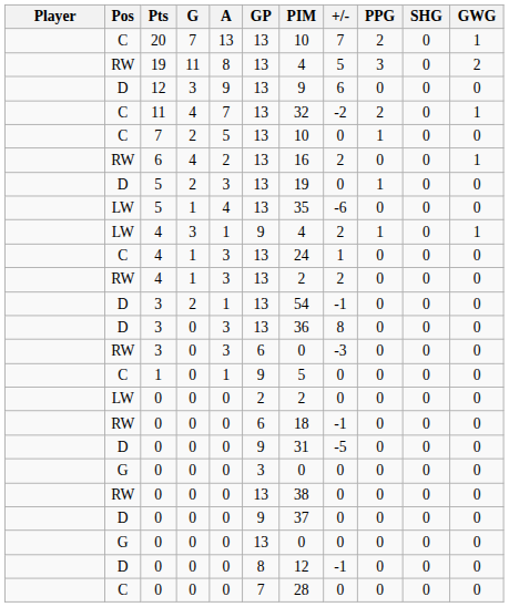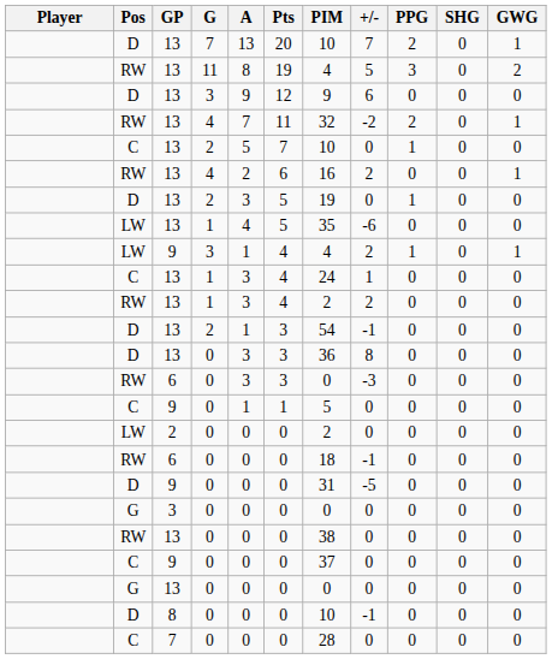 <table class="wikitable sortable" width="60%">
 <tr ALIGN="center">
 <th bgcolor="#DDDDFF" width="15%">Player</th>
 <th bgcolor="#DDDDFF" width="3%" title="Position">Pos</th>
-<th bgcolor="#DDDDFF" width="5%" title="Points">Pts</th>
+<th bgcolor="#DDDDFF" width="5%" title="Games played">GP</th>
 <th bgcolor="#DDDDFF" width="5%" title="Goals">G</th>
 <th bgcolor="#DDDDFF" width="5%" title="Assists">A</th>
-<th bgcolor="#DDDDFF" width="5%" title="Games played">GP</th>
+<th bgcolor="#DDDDFF" width="5%" title="Points">Pts</th>
 <th bgcolor="#DDDDFF" width="5%" title="Penalties in Minutes">PIM</th>
 <th bgcolor="#DDDDFF" width="5%" title="Plus/minus">+/-</th>
 <th bgcolor="#DDDDFF" width="5%" title="Power play goals">PPG</th>
 <th bgcolor="#DDDDFF" width="5%" title="Short-handed goals">SHG</th>
 <th bgcolor="#DDDDFF" width="5%" title="Game-winning goals">GWG</th>
 </tr>
 <tr align="center">
 <td align="right"></td>
-<td>C</td>
-<td>20</td>
+<td>D</td>
+<td>13</td>
 <td>7</td>
 <td>13</td>
-<td>13</td>
+<td>20</td>
 <td>10</td>
 <td>7</td>
 <td>2</td>
 <td>0</td>
 <td>1</td>
 </tr>
 <tr align="center">
 <td align="right"></td>
 <td>RW</td>
-<td>19</td>
+<td>13</td>
 <td>11</td>
 <td>8</td>
-<td>13</td>
+<td>19</td>
 <td>4</td>
 <td>5</td>
 <td>3</td>
 <td>0</td>
 <td>2</td>
 </tr>
 <tr align="center">
 <td align="right"></td>
 <td>D</td>
-<td>12</td>
+<td>13</td>
 <td>3</td>
 <td>9</td>
-<td>13</td>
+<td>12</td>
 <td>9</td>
 <td>6</td>
 <td>0</td>
 <td>0</td>
 <td>0</td>
 </tr>
 <tr align="center">
 <td align="right"></td>
-<td>C</td>
-<td>11</td>
+<td>RW</td>
+<td>13</td>
 <td>4</td>
 <td>7</td>
-<td>13</td>
+<td>11</td>
 <td>32</td>
 <td>-2</td>
 <td>2</td>
 <td>0</td>
 <td>1</td>
 </tr>
 <tr align="center">
 <td align="right"></td>
 <td>C</td>
-<td>7</td>
+<td>13</td>
 <td>2</td>
 <td>5</td>
-<td>13</td>
+<td>7</td>
 <td>10</td>
 <td>0</td>
 <td>1</td>
 <td>0</td>
 <td>0</td>
 </tr>
 <tr align="center">
 <td align="right"></td>
 <td>RW</td>
-<td>6</td>
+<td>13</td>
 <td>4</td>
 <td>2</td>
-<td>13</td>
+<td>6</td>
 <td>16</td>
 <td>2</td>
 <td>0</td>
 <td>0</td>
 <td>1</td>
 </tr>
 <tr align="center">
 <td align="right"></td>
 <td>D</td>
-<td>5</td>
+<td>13</td>
 <td>2</td>
 <td>3</td>
-<td>13</td>
+<td>5</td>
 <td>19</td>
 <td>0</td>
 <td>1</td>
 <td>0</td>
 <td>0</td>
 </tr>
 <tr align="center">
 <td align="right"></td>
 <td>LW</td>
-<td>5</td>
+<td>13</td>
 <td>1</td>
 <td>4</td>
-<td>13</td>
+<td>5</td>
 <td>35</td>
 <td>-6</td>
 <td>0</td>
 <td>0</td>
 <td>0</td>
 </tr>
 <tr align="center">
 <td align="right"></td>
 <td>LW</td>
-<td>4</td>
+<td>9</td>
 <td>3</td>
 <td>1</td>
-<td>9</td>
+<td>4</td>
 <td>4</td>
 <td>2</td>
 <td>1</td>
 <td>0</td>
 <td>1</td>
 </tr>
 <tr align="center">
 <td align="right"></td>
 <td>C</td>
-<td>4</td>
+<td>13</td>
 <td>1</td>
 <td>3</td>
-<td>13</td>
+<td>4</td>
 <td>24</td>
 <td>1</td>
 <td>0</td>
 <td>0</td>
 <td>0</td>
 </tr>
 <tr align="center">
 <td align="right"></td>
 <td>RW</td>
-<td>4</td>
+<td>13</td>
 <td>1</td>
 <td>3</td>
-<td>13</td>
+<td>4</td>
 <td>2</td>
 <td>2</td>
 <td>0</td>
 <td>0</td>
 <td>0</td>
 </tr>
 <tr align="center">
 <td align="right"></td>
 <td>D</td>
-<td>3</td>
+<td>13</td>
 <td>2</td>
 <td>1</td>
-<td>13</td>
+<td>3</td>
 <td>54</td>
 <td>-1</td>
 <td>0</td>
 <td>0</td>
 <td>0</td>
 </tr>
 <tr align="center">
 <td align="right"></td>
 <td>D</td>
-<td>3</td>
+<td>13</td>
 <td>0</td>
 <td>3</td>
-<td>13</td>
+<td>3</td>
 <td>36</td>
 <td>8</td>
 <td>0</td>
 <td>0</td>
 <td>0</td>
 </tr>
 <tr align="center">
 <td align="right"></td>
 <td>RW</td>
-<td>3</td>
+<td>6</td>
 <td>0</td>
 <td>3</td>
-<td>6</td>
+<td>3</td>
 <td>0</td>
 <td>-3</td>
 <td>0</td>
 <td>0</td>
 <td>0</td>
 </tr>
 <tr align="center">
 <td align="right"></td>
 <td>C</td>
-<td>1</td>
+<td>9</td>
 <td>0</td>
 <td>1</td>
-<td>9</td>
+<td>1</td>
 <td>5</td>
 <td>0</td>
 <td>0</td>
 <td>0</td>
 <td>0</td>
 </tr>
 <tr align="center">
 <td align="right"></td>
 <td>LW</td>
+<td>2</td>
 <td>0</td>
 <td>0</td>
 <td>0</td>
-<td>2</td>
 <td>2</td>
 <td>0</td>
 <td>0</td>
 <td>0</td>
 <td>0</td>
 </tr>
 <tr align="center">
 <td align="right"></td>
 <td>RW</td>
+<td>6</td>
 <td>0</td>
 <td>0</td>
 <td>0</td>
-<td>6</td>
 <td>18</td>
 <td>-1</td>
 <td>0</td>
 <td>0</td>
 <td>0</td>
 </tr>
 <tr align="center">
 <td align="right"></td>
 <td>D</td>
+<td>9</td>
 <td>0</td>
 <td>0</td>
 <td>0</td>
-<td>9</td>
 <td>31</td>
 <td>-5</td>
 <td>0</td>
 <td>0</td>
 <td>0</td>
 </tr>
 <tr align="center">
 <td align="right"></td>
 <td>G</td>
+<td>3</td>
 <td>0</td>
 <td>0</td>
 <td>0</td>
-<td>3</td>
 <td>0</td>
 <td>0</td>
 <td>0</td>
 <td>0</td>
 <td>0</td>
 </tr>
 <tr align="center">
 <td align="right"></td>
 <td>RW</td>
+<td>13</td>
 <td>0</td>
 <td>0</td>
 <td>0</td>
-<td>13</td>
 <td>38</td>
 <td>0</td>
 <td>0</td>
 <td>0</td>
 <td>0</td>
 </tr>
 <tr align="center">
 <td align="right"></td>
-<td>D</td>
+<td>C</td>
+<td>9</td>
 <td>0</td>
 <td>0</td>
 <td>0</td>
-<td>9</td>
 <td>37</td>
 <td>0</td>
 <td>0</td>
 <td>0</td>
 <td>0</td>
 </tr>
 <tr align="center">
 <td align="right"></td>
 <td>G</td>
+<td>13</td>
 <td>0</td>
 <td>0</td>
 <td>0</td>
-<td>13</td>
 <td>0</td>
 <td>0</td>
 <td>0</td>
 <td>0</td>
 <td>0</td>
 </tr>
 <tr align="center">
 <td align="right"></td>
 <td>D</td>
+<td>8</td>
 <td>0</td>
 <td>0</td>
 <td>0</td>
-<td>8</td>
-<td>12</td>
+<td>10</td>
 <td>-1</td>
 <td>0</td>
 <td>0</td>
 <td>0</td>
 </tr>
 <tr align="center">
 <td align="right"></td>
 <td>C</td>
+<td>7</td>
 <td>0</td>
 <td>0</td>
 <td>0</td>
-<td>7</td>
 <td>28</td>
 <td>0</td>
 <td>0</td>
 <td>0</td>
 <td>0</td>
 </tr>
 </table>
